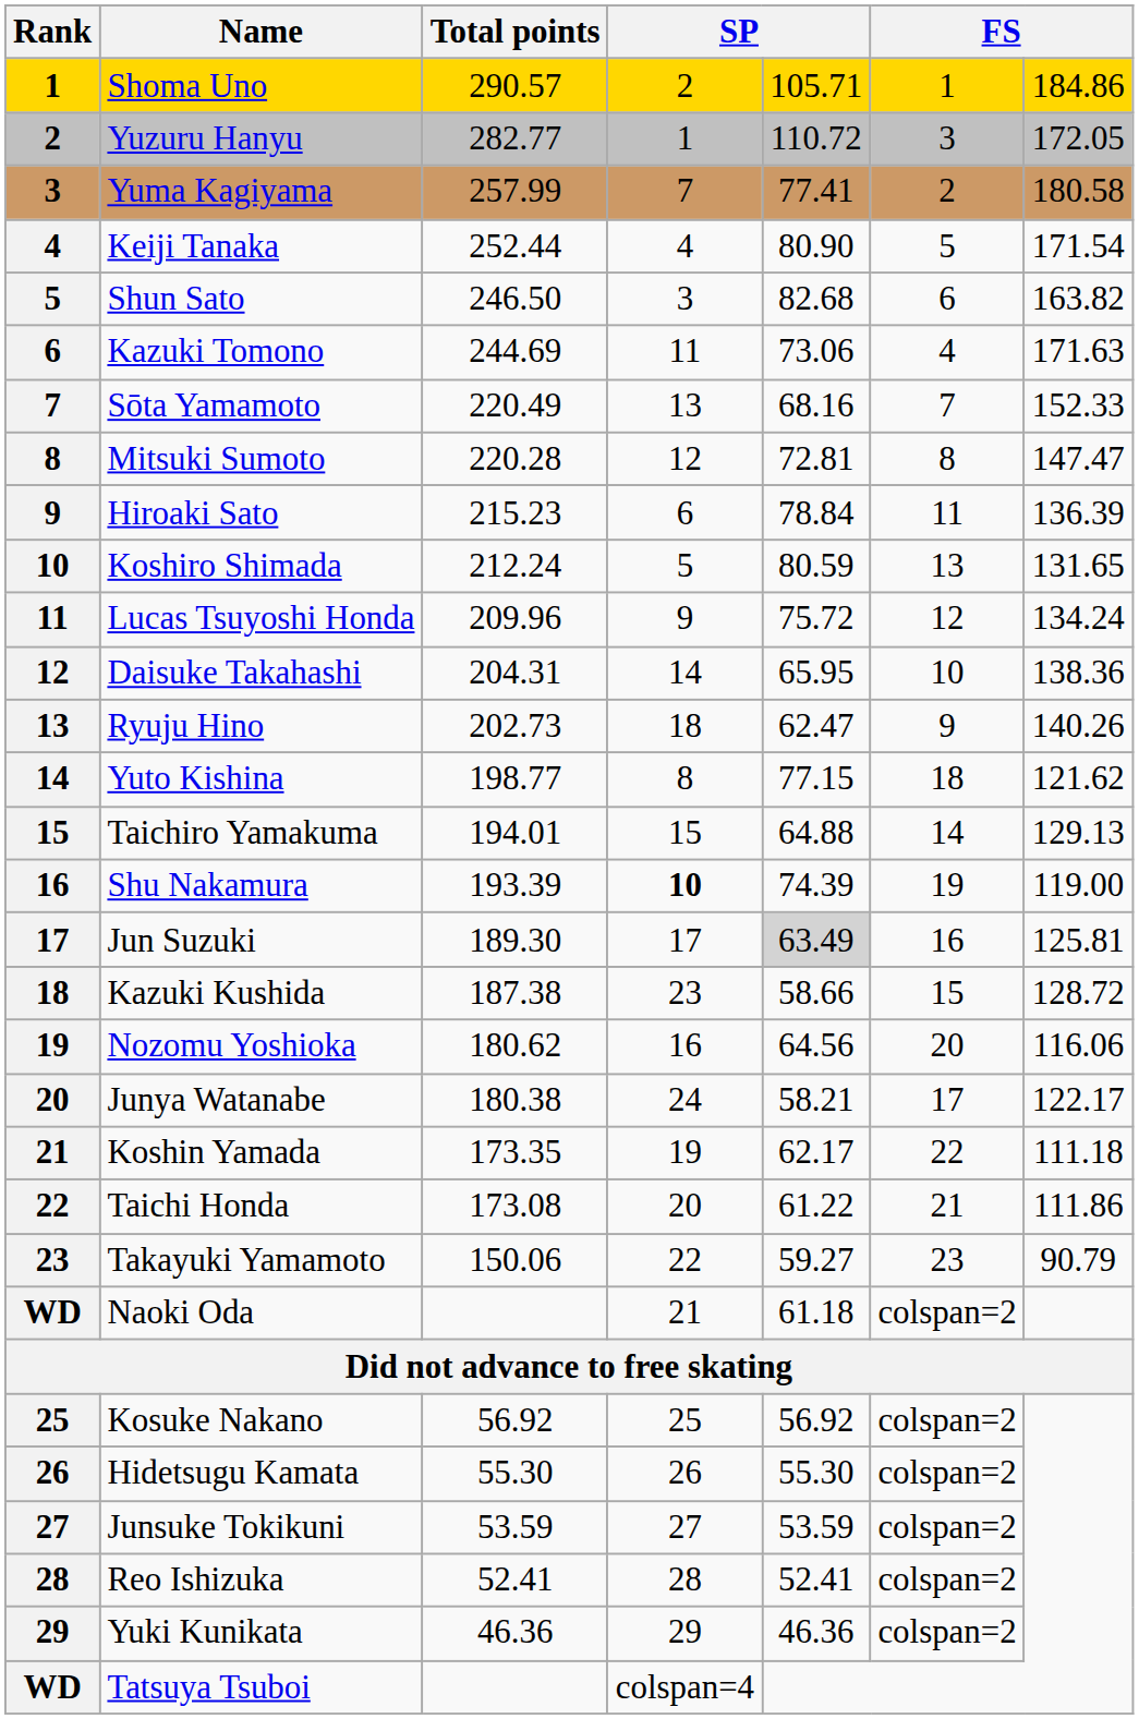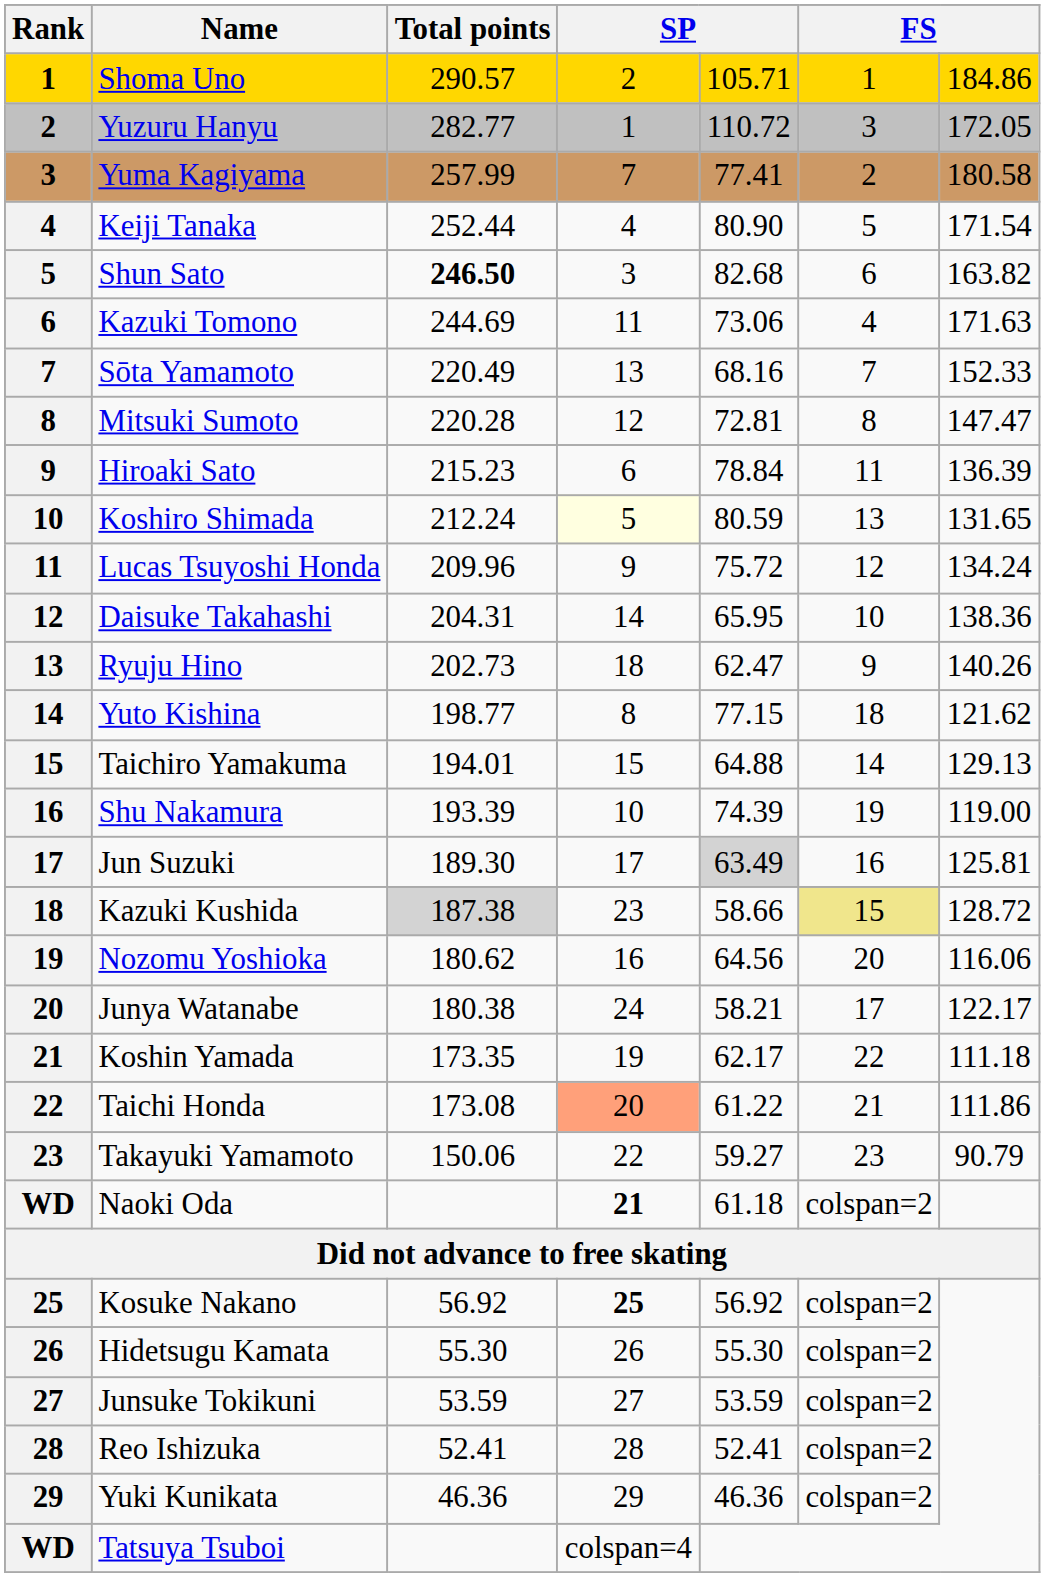 <table class="wikitable sortable">
 <tr>
 <th>Rank</th>
 <th>Name</th>
 <th>Total points</th>
 <th colspan="2" width="80px"><a href='#'>SP</a></th>
 <th colspan="2" width="80px"><a href='#'>FS</a></th>
 </tr>
 <tr bgcolor="gold">
 <td align="center"><strong>1</strong></td>
 <td><a href='#'>Shoma Uno</a></td>
 <td align="center">290.57</td>
 <td align="center">2</td>
 <td align="center">105.71</td>
 <td align="center">1</td>
 <td align="center">184.86</td>
 </tr>
 <tr bgcolor="silver">
 <td align="center"><strong>2</strong></td>
 <td><a href='#'>Yuzuru Hanyu</a></td>
 <td align="center">282.77</td>
 <td align="center">1</td>
 <td align="center">110.72</td>
 <td align="center">3</td>
 <td align="center">172.05</td>
 </tr>
 <tr bgcolor="cc9966">
 <td align="center"><strong>3</strong></td>
 <td><a href='#'>Yuma Kagiyama</a></td>
 <td align="center">257.99</td>
 <td align="center">7</td>
 <td align="center">77.41</td>
 <td align="center">2</td>
 <td align="center">180.58</td>
 </tr>
 <tr>
 <th>4</th>
 <td><a href='#'>Keiji Tanaka</a></td>
 <td align="center">252.44</td>
 <td align="center">4</td>
 <td align="center">80.90</td>
 <td align="center">5</td>
 <td align="center">171.54</td>
 </tr>
 <tr>
 <th>5</th>
 <td><a href='#'>Shun Sato</a></td>
-<td align="center">246.50</td>
+<td align="center"><strong>246.50</strong></td>
 <td align="center">3</td>
 <td align="center">82.68</td>
 <td align="center">6</td>
 <td align="center">163.82</td>
 </tr>
 <tr>
 <th>6</th>
 <td><a href='#'>Kazuki Tomono</a></td>
 <td align="center">244.69</td>
 <td align="center">11</td>
 <td align="center">73.06</td>
 <td align="center">4</td>
 <td align="center">171.63</td>
 </tr>
 <tr>
 <th>7</th>
 <td><a href='#'>Sōta Yamamoto</a></td>
 <td align="center">220.49</td>
 <td align="center">13</td>
 <td align="center">68.16</td>
 <td align="center">7</td>
 <td align="center">152.33</td>
 </tr>
 <tr>
 <th>8</th>
 <td><a href='#'>Mitsuki Sumoto</a></td>
 <td align="center">220.28</td>
 <td align="center">12</td>
 <td align="center">72.81</td>
 <td align="center">8</td>
 <td align="center">147.47</td>
 </tr>
 <tr>
 <th>9</th>
 <td><a href='#'>Hiroaki Sato</a></td>
 <td align="center">215.23</td>
 <td align="center">6</td>
 <td align="center">78.84</td>
 <td align="center">11</td>
 <td align="center">136.39</td>
 </tr>
 <tr>
 <th>10</th>
 <td><a href='#'>Koshiro Shimada</a></td>
 <td align="center">212.24</td>
-<td align="center">5</td>
+<td align="center" style="background: lightyellow;">5</td>
 <td align="center">80.59</td>
 <td align="center">13</td>
 <td align="center">131.65</td>
 </tr>
 <tr>
 <th>11</th>
 <td><a href='#'>Lucas Tsuyoshi Honda</a></td>
 <td align="center">209.96</td>
 <td align="center">9</td>
 <td align="center">75.72</td>
 <td align="center">12</td>
 <td align="center">134.24</td>
 </tr>
 <tr>
 <th>12</th>
 <td><a href='#'>Daisuke Takahashi</a></td>
 <td align="center">204.31</td>
 <td align="center">14</td>
 <td align="center">65.95</td>
 <td align="center">10</td>
 <td align="center">138.36</td>
 </tr>
 <tr>
 <th>13</th>
 <td><a href='#'>Ryuju Hino</a></td>
 <td align="center">202.73</td>
 <td align="center">18</td>
 <td align="center">62.47</td>
 <td align="center">9</td>
 <td align="center">140.26</td>
 </tr>
 <tr>
 <th>14</th>
 <td><a href='#'>Yuto Kishina</a></td>
 <td align="center">198.77</td>
 <td align="center">8</td>
 <td align="center">77.15</td>
 <td align="center">18</td>
 <td align="center">121.62</td>
 </tr>
 <tr>
 <th>15</th>
 <td>Taichiro Yamakuma</td>
 <td align="center">194.01</td>
 <td align="center">15</td>
 <td align="center">64.88</td>
 <td align="center">14</td>
 <td align="center">129.13</td>
 </tr>
 <tr>
 <th>16</th>
 <td><a href='#'>Shu Nakamura</a></td>
 <td align="center">193.39</td>
-<td align="center"><strong>10</strong></td>
+<td align="center">10</td>
 <td align="center">74.39</td>
 <td align="center">19</td>
 <td align="center">119.00</td>
 </tr>
 <tr>
 <th>17</th>
 <td>Jun Suzuki</td>
 <td align="center">189.30</td>
 <td align="center">17</td>
 <td align="center" style="background: lightgrey;">63.49</td>
 <td align="center">16</td>
 <td align="center">125.81</td>
 </tr>
 <tr>
 <th>18</th>
 <td>Kazuki Kushida</td>
-<td align="center">187.38</td>
+<td align="center" style="background: lightgrey;">187.38</td>
 <td align="center">23</td>
 <td align="center">58.66</td>
-<td align="center">15</td>
+<td align="center" style="background: khaki;">15</td>
 <td align="center">128.72</td>
 </tr>
 <tr>
 <th>19</th>
 <td><a href='#'>Nozomu Yoshioka</a></td>
 <td align="center">180.62</td>
 <td align="center">16</td>
 <td align="center">64.56</td>
 <td align="center">20</td>
 <td align="center">116.06</td>
 </tr>
 <tr>
 <th>20</th>
 <td>Junya Watanabe</td>
 <td align="center">180.38</td>
 <td align="center">24</td>
 <td align="center">58.21</td>
 <td align="center">17</td>
 <td align="center">122.17</td>
 </tr>
 <tr>
 <th>21</th>
 <td>Koshin Yamada</td>
 <td align="center">173.35</td>
 <td align="center">19</td>
 <td align="center">62.17</td>
 <td align="center">22</td>
 <td align="center">111.18</td>
 </tr>
 <tr>
 <th>22</th>
 <td>Taichi Honda</td>
 <td align="center">173.08</td>
-<td align="center">20</td>
+<td align="center" style="background: lightsalmon;">20</td>
 <td align="center">61.22</td>
 <td align="center">21</td>
 <td align="center">111.86</td>
 </tr>
 <tr>
 <th>23</th>
 <td>Takayuki Yamamoto</td>
 <td align="center">150.06</td>
 <td align="center">22</td>
 <td align="center">59.27</td>
 <td align="center">23</td>
 <td align="center">90.79</td>
 </tr>
 <tr>
 <th>WD</th>
 <td>Naoki Oda</td>
 <td></td>
-<td align="center">21</td>
+<td align="center"><strong>21</strong></td>
 <td align="center">61.18</td>
 <td>colspan=2 </td>
 </tr>
 <tr>
 <th colspan=7>Did not advance to free skating</th>
 </tr>
 <tr>
 <th>25</th>
 <td>Kosuke Nakano</td>
 <td align="center">56.92</td>
-<td align="center">25</td>
+<td align="center"><strong>25</strong></td>
 <td align="center">56.92</td>
 <td>colspan=2 </td>
 </tr>
 <tr>
 <th>26</th>
 <td>Hidetsugu Kamata</td>
 <td align="center">55.30</td>
 <td align="center">26</td>
 <td align="center">55.30</td>
 <td>colspan=2 </td>
 </tr>
 <tr>
 <th>27</th>
 <td>Junsuke Tokikuni</td>
 <td align=center>53.59</td>
 <td align=center>27</td>
 <td align=center>53.59</td>
 <td>colspan=2 </td>
 </tr>
 <tr>
 <th>28</th>
 <td>Reo Ishizuka</td>
 <td align=center>52.41</td>
 <td align=center>28</td>
 <td align=center>52.41</td>
 <td>colspan=2 </td>
 </tr>
 <tr>
 <th>29</th>
 <td>Yuki Kunikata</td>
 <td align="center">46.36</td>
 <td align="center">29</td>
 <td align="center">46.36</td>
 <td>colspan=2 </td>
 </tr>
 <tr>
 <th>WD</th>
 <td><a href='#'>Tatsuya Tsuboi</a></td>
 <td></td>
 <td>colspan=4 </td>
 </tr>
 </table>
